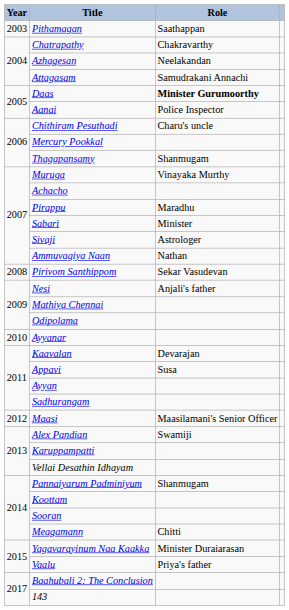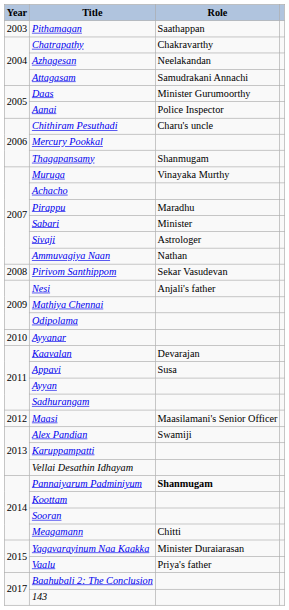 <table class="wikitable">
 <tr style="text-align:center;">
 <th style="background:#B0C4DE;">Year</th>
 <th style="background:#B0C4DE;">Title</th>
 <th style="background:#B0C4DE;">Role</th>
 <th style="background:#B0C4DE;"  class="unsortable" ></th>
 </tr>
 <tr>
 <td>2003</td>
 <td><em><a href='#'>Pithamagan</a></em></td>
 <td>Saathappan</td>
 <td></td>
 </tr>
 <tr>
 <td rowspan="3">2004</td>
 <td><em><a href='#'>Chatrapathy</a></em></td>
 <td>Chakravarthy</td>
 <td></td>
 </tr>
 <tr>
 <td><em><a href='#'>Azhagesan</a></em></td>
 <td>Neelakandan</td>
 <td></td>
 </tr>
 <tr>
 <td><em><a href='#'>Attagasam</a></em></td>
 <td>Samudrakani Annachi</td>
 <td></td>
 </tr>
 <tr>
 <td rowspan="2">2005</td>
 <td><em><a href='#'>Daas</a></em></td>
-<td><strong>Minister Gurumoorthy</strong></td>
+<td>Minister Gurumoorthy</td>
 <td></td>
 </tr>
 <tr>
 <td><em><a href='#'>Aanai</a></em></td>
 <td>Police Inspector</td>
 <td></td>
 </tr>
 <tr>
 <td rowspan="3">2006</td>
 <td><em><a href='#'>Chithiram Pesuthadi</a></em></td>
 <td>Charu's uncle</td>
 <td></td>
 </tr>
 <tr>
 <td><em><a href='#'>Mercury Pookkal</a></em></td>
 <td></td>
 <td></td>
 </tr>
 <tr>
 <td><em><a href='#'>Thagapansamy</a></em></td>
 <td>Shanmugam</td>
 <td></td>
 </tr>
 <tr>
 <td rowspan="6">2007</td>
 <td><em><a href='#'>Muruga</a></em></td>
 <td>Vinayaka Murthy</td>
 <td></td>
 </tr>
 <tr>
 <td><em><a href='#'>Achacho</a></em></td>
 <td></td>
 <td></td>
 </tr>
 <tr>
 <td><em><a href='#'>Pirappu</a></em></td>
 <td>Maradhu</td>
 <td></td>
 </tr>
 <tr>
 <td><em><a href='#'>Sabari</a></em></td>
 <td>Minister</td>
 <td></td>
 </tr>
 <tr>
 <td><em><a href='#'>Sivaji</a></em></td>
 <td>Astrologer</td>
 <td></td>
 </tr>
 <tr>
 <td><em><a href='#'>Ammuvagiya Naan</a></em></td>
 <td>Nathan</td>
 <td></td>
 </tr>
 <tr>
 <td>2008</td>
 <td><em><a href='#'>Pirivom Santhippom</a></em></td>
 <td>Sekar Vasudevan</td>
 <td></td>
 </tr>
 <tr>
 <td rowspan="3">2009</td>
 <td><em><a href='#'>Nesi</a></em></td>
 <td>Anjali's father</td>
 <td></td>
 </tr>
 <tr>
 <td><em><a href='#'>Mathiya Chennai</a></em></td>
 <td></td>
 <td></td>
 </tr>
 <tr>
 <td><em><a href='#'>Odipolama</a></em></td>
 <td></td>
 <td></td>
 </tr>
 <tr>
 <td>2010</td>
 <td><em><a href='#'>Ayyanar</a></em></td>
 <td></td>
 <td></td>
 </tr>
 <tr>
 <td rowspan="4">2011</td>
 <td><em><a href='#'>Kaavalan</a></em></td>
 <td>Devarajan</td>
 <td></td>
 </tr>
 <tr>
 <td><em><a href='#'>Appavi</a></em></td>
 <td>Susa</td>
 <td></td>
 </tr>
 <tr>
 <td><em><a href='#'>Ayyan</a></em></td>
 <td></td>
 <td></td>
 </tr>
 <tr>
 <td><em><a href='#'>Sadhurangam</a></em></td>
 <td></td>
 <td></td>
 </tr>
 <tr>
 <td>2012</td>
 <td><em><a href='#'>Maasi</a></em></td>
 <td>Maasilamani's Senior Officer</td>
 <td></td>
 </tr>
 <tr>
 <td rowspan="3">2013</td>
 <td><em><a href='#'>Alex Pandian</a></em></td>
 <td>Swamiji</td>
 <td></td>
 </tr>
 <tr>
 <td><em><a href='#'>Karuppampatti</a></em></td>
 <td></td>
 <td></td>
 </tr>
 <tr>
 <td><em>Vellai Desathin Idhayam</em></td>
 <td></td>
 <td></td>
 </tr>
 <tr>
 <td rowspan="4">2014</td>
 <td><em><a href='#'>Pannaiyarum Padminiyum</a></em></td>
-<td>Shanmugam</td>
+<td><strong>Shanmugam</strong></td>
 <td></td>
 </tr>
 <tr>
 <td><em><a href='#'>Koottam</a></em></td>
 <td></td>
 <td></td>
 </tr>
 <tr>
 <td><em><a href='#'>Sooran</a></em></td>
 <td></td>
 <td></td>
 </tr>
 <tr>
 <td><em><a href='#'>Meagamann</a></em></td>
 <td>Chitti</td>
 <td></td>
 </tr>
 <tr>
 <td rowspan="2">2015</td>
 <td><em><a href='#'>Yagavarayinum Naa Kaakka</a></em></td>
 <td>Minister Duraiarasan</td>
 <td></td>
 </tr>
 <tr>
 <td><em><a href='#'>Vaalu</a></em></td>
 <td>Priya's father</td>
 <td></td>
 </tr>
 <tr>
 <td rowspan=2>2017</td>
 <td><em><a href='#'>Baahubali 2: The Conclusion</a></em></td>
 <td></td>
 <td></td>
 </tr>
 <tr>
 <td><em>143</em></td>
 <td></td>
 <td></td>
 </tr>
 </table>
